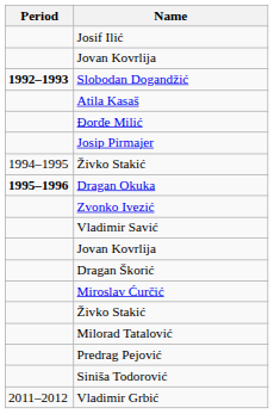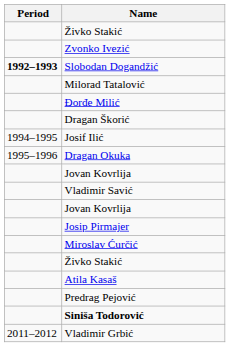 <table class="wikitable">
 <tr>
 <th width="75">Period</th>
 <th width="225">Name</th>
 </tr>
 <tr>
 <td></td>
-<td> Josif Ilić</td>
+<td> Živko Stakić</td>
 </tr>
 <tr>
 <td></td>
-<td> Jovan Kovrlija</td>
+<td> <a href='#'>Zvonko Ivezić</a></td>
 </tr>
 <tr>
 <td><strong>1992–1993</strong></td>
 <td> <a href='#'>Slobodan Dogandžić</a></td>
 </tr>
 <tr>
 <td></td>
-<td> <a href='#'>Atila Kasaš</a></td>
+<td> Milorad Tatalović</td>
 </tr>
 <tr>
 <td></td>
 <td> <a href='#'>Đorđe Milić</a></td>
 </tr>
 <tr>
 <td></td>
-<td> <a href='#'>Josip Pirmajer</a></td>
+<td> Dragan Škorić</td>
 </tr>
 <tr>
 <td>1994–1995</td>
-<td> Živko Stakić</td>
+<td> Josif Ilić</td>
 </tr>
 <tr>
-<td><strong>1995–1996</strong></td>
+<td>1995–1996</td>
 <td> <a href='#'>Dragan Okuka</a></td>
 </tr>
 <tr>
 <td></td>
-<td> <a href='#'>Zvonko Ivezić</a></td>
+<td> Jovan Kovrlija</td>
 </tr>
 <tr>
 <td></td>
 <td> Vladimir Savić</td>
 </tr>
 <tr>
 <td></td>
 <td> Jovan Kovrlija</td>
 </tr>
 <tr>
 <td></td>
-<td> Dragan Škorić</td>
+<td> <a href='#'>Josip Pirmajer</a></td>
 </tr>
 <tr>
 <td></td>
 <td> <a href='#'>Miroslav Ćurčić</a></td>
 </tr>
 <tr>
 <td></td>
 <td> Živko Stakić</td>
 </tr>
 <tr>
 <td></td>
-<td> Milorad Tatalović</td>
+<td> <a href='#'>Atila Kasaš</a></td>
 </tr>
 <tr>
 <td></td>
 <td> Predrag Pejović</td>
 </tr>
 <tr>
 <td></td>
-<td> Siniša Todorović</td>
+<td><strong> Siniša Todorović</strong></td>
 </tr>
 <tr>
 <td>2011–2012</td>
 <td> Vladimir Grbić</td>
 </tr>
 </table>
